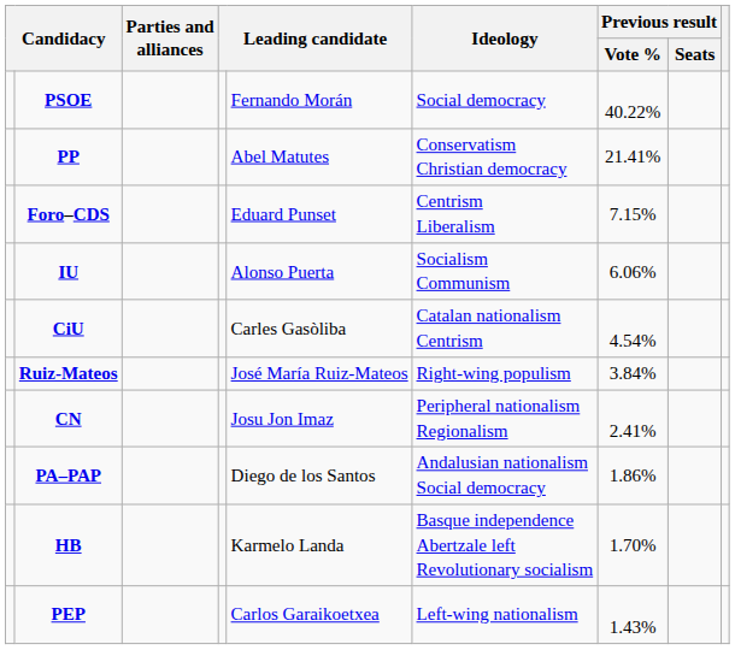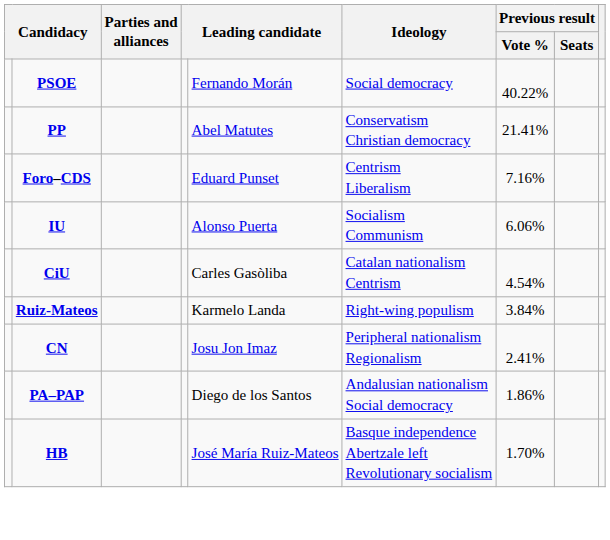 <table class="wikitable" style="line-height:1.35em; text-align:left;">
 <tr>
 <th colspan="2" rowspan="2">Candidacy</th>
 <th rowspan="2">Parties and<br>alliances</th>
 <th colspan="2" rowspan="2">Leading candidate</th>
 <th rowspan="2">Ideology</th>
 <th colspan="2">Previous result</th>
 <th rowspan="2"></th>
 </tr>
 <tr>
 <th>Vote %</th>
 <th>Seats</th>
 </tr>
 <tr>
 <td width="1" style="color:inherit;background:"></td>
 <td align="center"><strong><a href='#'>PSOE</a></strong></td>
 <td></td>
 <td></td>
 <td><a href='#'>Fernando Morán</a></td>
 <td><a href='#'>Social democracy</a></td>
 <td align="center"><br>40.22%<br></td>
 <td></td>
 <td><br></td>
 </tr>
 <tr>
 <td style="color:inherit;background:"></td>
 <td align="center"><strong><a href='#'>PP</a></strong></td>
 <td></td>
 <td></td>
 <td><a href='#'>Abel Matutes</a></td>
 <td><a href='#'>Conservatism</a><br><a href='#'>Christian democracy</a></td>
 <td align="center">21.41%</td>
 <td></td>
 <td></td>
 </tr>
 <tr>
 <td style="color:inherit;background:"></td>
 <td align="center"><strong><a href='#'>Foro</a>–<a href='#'>CDS</a></strong></td>
 <td></td>
 <td></td>
 <td><a href='#'>Eduard Punset</a></td>
 <td><a href='#'>Centrism</a><br><a href='#'>Liberalism</a></td>
-<td align="center">7.15%</td>
+<td align="center">7.16%</td>
 <td></td>
 <td></td>
 </tr>
 <tr>
 <td style="color:inherit;background:"></td>
 <td align="center"><strong><a href='#'>IU</a></strong></td>
 <td></td>
 <td></td>
 <td><a href='#'>Alonso Puerta</a></td>
 <td><a href='#'>Socialism</a><br><a href='#'>Communism</a></td>
 <td align="center">6.06%</td>
 <td></td>
 <td></td>
 </tr>
 <tr>
 <td style="color:inherit;background:"></td>
 <td align="center"><strong><a href='#'>CiU</a></strong></td>
 <td></td>
 <td></td>
 <td>Carles Gasòliba</td>
 <td><a href='#'>Catalan nationalism</a><br><a href='#'>Centrism</a></td>
 <td align="center"><br>4.54%<br></td>
 <td></td>
 <td></td>
 </tr>
 <tr>
 <td style="color:inherit;background:"></td>
 <td align="center"><strong><a href='#'>Ruiz-Mateos</a></strong></td>
 <td></td>
 <td></td>
-<td><a href='#'>José María Ruiz-Mateos</a></td>
+<td>Karmelo Landa</td>
 <td><a href='#'>Right-wing populism</a></td>
 <td align="center">3.84%</td>
 <td></td>
 <td></td>
 </tr>
 <tr>
 <td style="color:inherit;background:"></td>
 <td align="center"><strong><a href='#'>CN</a></strong></td>
 <td></td>
 <td></td>
 <td><a href='#'>Josu Jon Imaz</a></td>
 <td><a href='#'>Peripheral nationalism</a><br><a href='#'>Regionalism</a></td>
 <td align="center"><br>2.41%<br></td>
 <td></td>
 <td></td>
 </tr>
 <tr>
 <td style="color:inherit;background:"></td>
 <td align="center"><strong><a href='#'>PA–PAP</a></strong></td>
 <td></td>
 <td></td>
 <td>Diego de los Santos</td>
 <td><a href='#'>Andalusian nationalism</a><br><a href='#'>Social democracy</a></td>
 <td align="center">1.86%</td>
 <td></td>
 <td></td>
 </tr>
 <tr>
 <td style="color:inherit;background:"></td>
 <td align="center"><strong><a href='#'>HB</a></strong></td>
 <td></td>
 <td></td>
-<td>Karmelo Landa</td>
+<td><a href='#'>José María Ruiz-Mateos</a></td>
 <td><a href='#'>Basque independence</a><br><a href='#'>Abertzale left</a><br><a href='#'>Revolutionary socialism</a></td>
 <td align="center">1.70%</td>
 <td></td>
 <td></td>
 </tr>
-<tr>
-<td style="color:inherit;background:"></td>
-<td align="center"><strong><a href='#'>PEP</a></strong></td>
-<td></td>
-<td></td>
-<td><a href='#'>Carlos Garaikoetxea</a></td>
-<td><a href='#'>Left-wing nationalism</a></td>
-<td align="center"><br>1.43%<br></td>
-<td></td>
-<td></td>
-</tr>
 </table>
